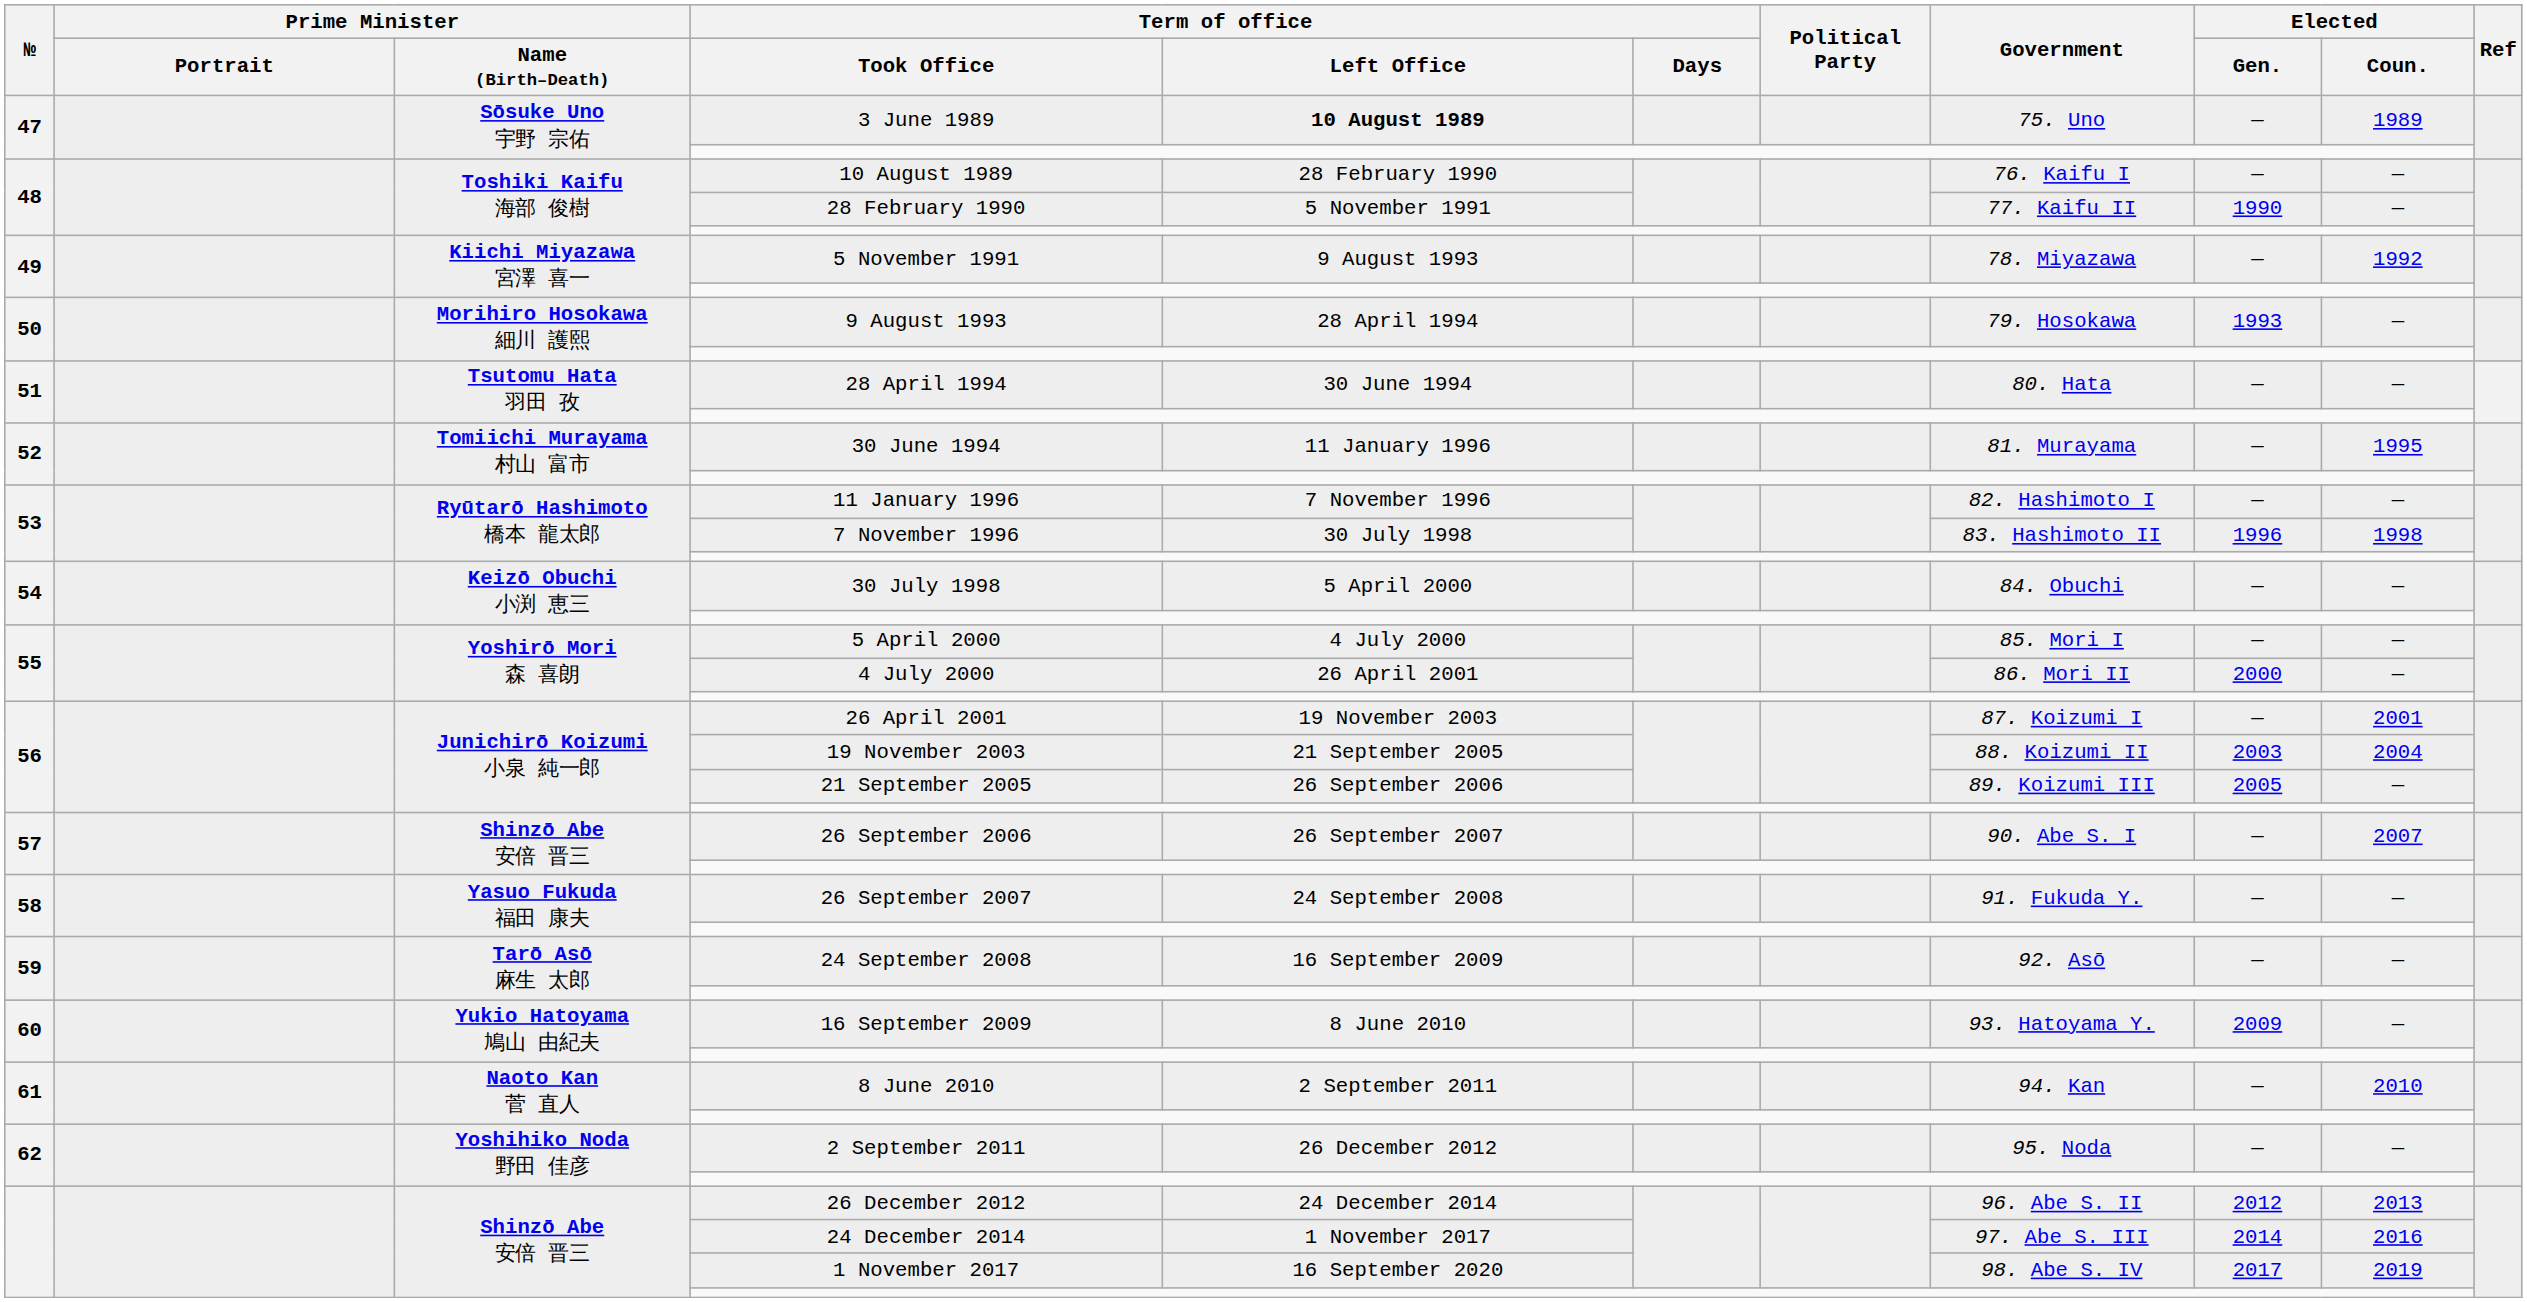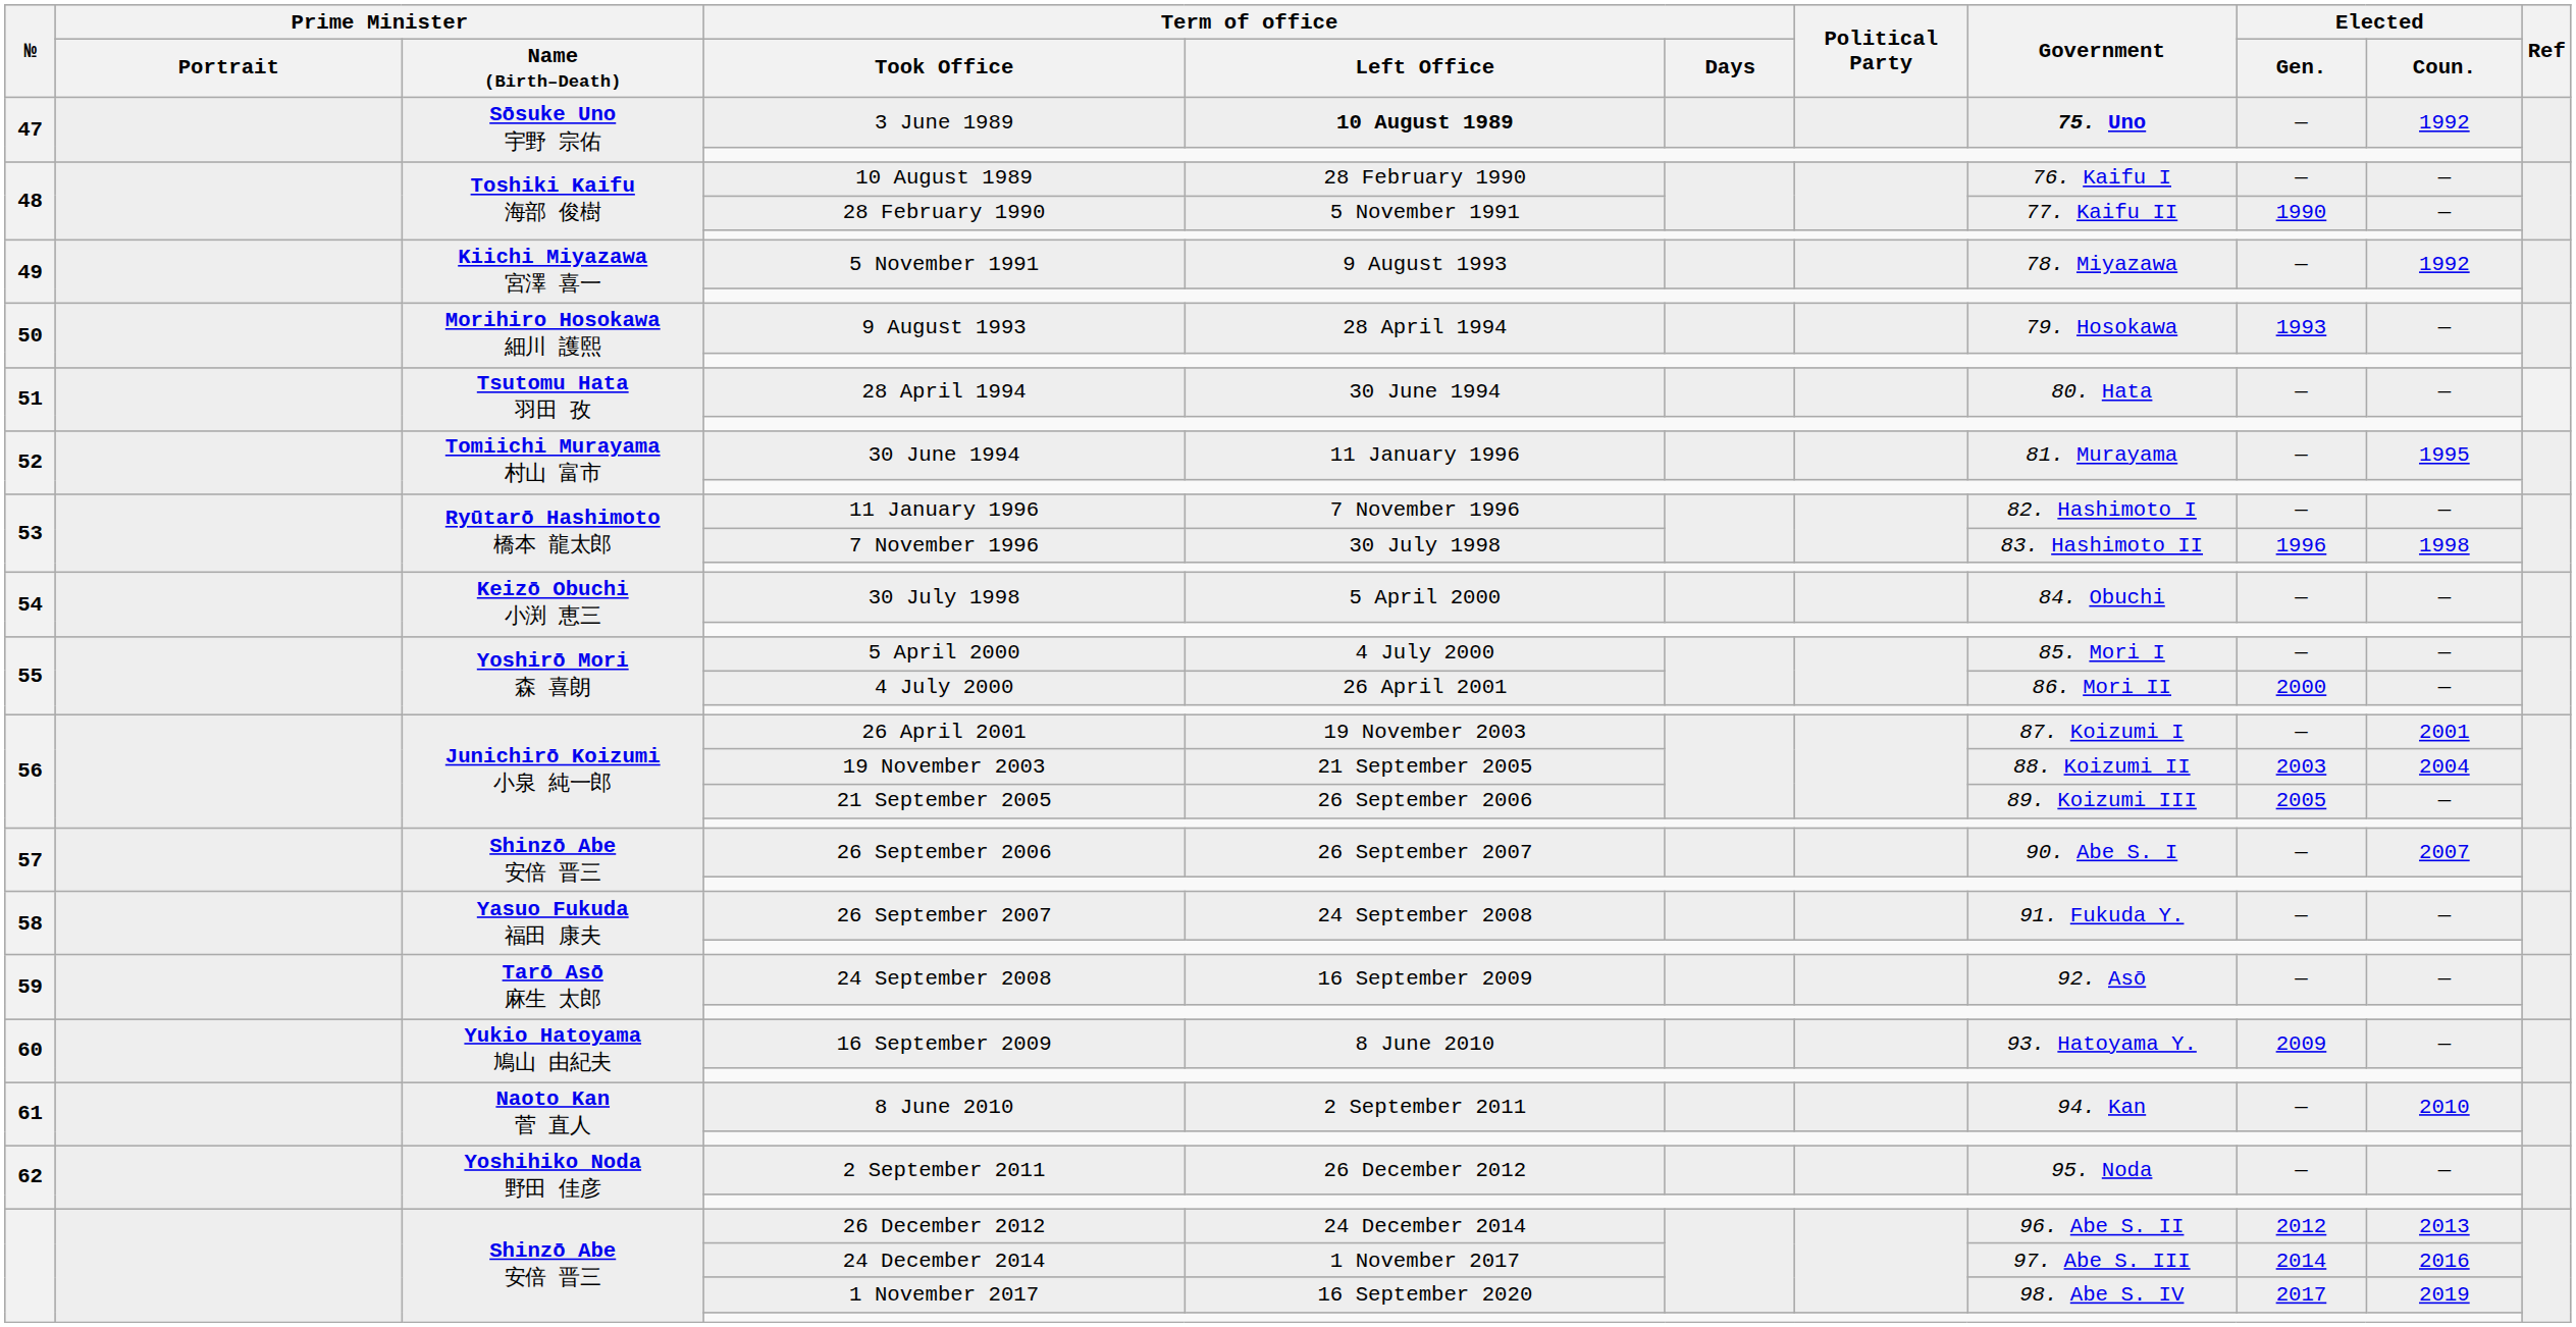 <table class="wikitable"  style="text-align:center"  width="100%">
 <tr>
 <th rowspan=2 style="width:25px;">№</th>
 <th colspan=2 style="width:280px;">Prime Minister</th>
 <th colspan=3>Term of office</th>
 <th style="width:100px;" rowspan="2">Political Party</th>
 <th style="width:160px;" rowspan="2">Government</th>
 <th colspan=2>Elected</th>
 <th rowspan=2 style="width:20px;">Ref</th>
 </tr>
 <tr>
 <th>Portrait</th>
 <th width=180px>Name<br><small>(Birth–Death)</small></th>
 <th>Took Office</th>
 <th>Left Office</th>
 <th>Days</th>
 <th>Gen.</th>
 <th>Coun.</th>
 </tr>
 <tr bgcolor=#EEEEEE>
 <th rowspan=2 style="background:">47</th>
 <td rowspan=2></td>
 <td rowspan=2><strong><a href='#'>Sōsuke Uno</a></strong><br><span><span>宇野 宗佑</span></span><br></td>
 <td>3 June 1989</td>
 <td><strong>10 August 1989</strong></td>
 <td></td>
 <td style="background:"><a href='#'></a></td>
-<td><em>75.</em> <a href='#'>Uno</a><br></td>
+<td><strong><em>75.</em> <a href='#'>Uno</a><br></strong></td>
 <td>—</td>
-<td><a href='#'>1989</a></td>
+<td><a href='#'>1992</a></td>
 <td rowspan=2></td>
 </tr>
 <tr>
 <td colspan=7 align=left></td>
 </tr>
 <tr bgcolor=#EEEEEE>
 <th rowspan=3 style="background:">48</th>
 <td rowspan=3></td>
 <td rowspan=3><strong><a href='#'>Toshiki Kaifu</a></strong><br><span><span>海部 俊樹</span></span><br></td>
 <td>10 August 1989</td>
 <td>28 February 1990</td>
 <td rowspan=2></td>
 <td rowspan=2 style="background:"><a href='#'></a></td>
 <td><em>76.</em> <a href='#'>Kaifu I</a><br></td>
 <td>—</td>
 <td>—</td>
 <td rowspan=3></td>
 </tr>
 <tr bgcolor=#EEEEEE>
 <td>28 February 1990</td>
 <td>5 November 1991</td>
 <td><em>77.</em> <a href='#'>Kaifu II</a><br></td>
 <td><a href='#'>1990</a></td>
 <td>—</td>
 </tr>
 <tr>
 <td colspan=7 align=left></td>
 </tr>
 <tr bgcolor=#EEEEEE>
 <th rowspan=2 style="background:">49</th>
 <td rowspan=2></td>
 <td rowspan=2><strong><a href='#'>Kiichi Miyazawa</a></strong><br><span><span>宮澤 喜一</span></span><br></td>
 <td>5 November 1991</td>
 <td>9 August 1993</td>
 <td></td>
 <td style="background:"><a href='#'></a></td>
 <td><em>78.</em> <a href='#'>Miyazawa</a><br></td>
 <td>—</td>
 <td><a href='#'>1992</a></td>
 <td rowspan=2></td>
 </tr>
 <tr>
 <td colspan=7 align=left></td>
 </tr>
 <tr bgcolor=#EEEEEE>
 <th rowspan=2 style="background:">50</th>
 <td rowspan=2></td>
 <td rowspan=2><strong><a href='#'>Morihiro Hosokawa</a></strong><br><span><span>細川 護熙</span></span><br></td>
 <td>9 August 1993</td>
 <td>28 April 1994</td>
 <td></td>
 <td style="background:"><a href='#'></a></td>
 <td><em>79.</em> <a href='#'>Hosokawa</a><br></td>
 <td><a href='#'>1993</a></td>
 <td>—</td>
 <td rowspan=2></td>
 </tr>
 <tr>
 <td colspan=7 align=left></td>
 </tr>
 <tr bgcolor=#EEEEEE>
 <th rowspan=2 style="background:">51</th>
 <td rowspan=2></td>
 <td rowspan=2><strong><a href='#'>Tsutomu Hata</a></strong><br><span><span>羽田 孜</span></span><br></td>
 <td>28 April 1994</td>
 <td>30 June 1994</td>
 <td></td>
 <td style="background:"><a href='#'></a></td>
 <td><em>80.</em> <a href='#'>Hata</a><br></td>
 <td>—</td>
 <td>—</td>
 <th rowspan=2></th>
 </tr>
 <tr>
 <td colspan=7 align=left></td>
 </tr>
 <tr bgcolor=#EEEEEE>
 <th rowspan=2 style="background:">52</th>
 <td rowspan=2></td>
 <td rowspan=2><strong><a href='#'>Tomiichi Murayama</a></strong><br><span><span>村山 富市</span></span><br></td>
 <td>30 June 1994</td>
 <td>11 January 1996</td>
 <td></td>
 <td style="background:"><a href='#'></a></td>
 <td><em>81.</em> <a href='#'>Murayama</a><br></td>
 <td>—</td>
 <td><a href='#'>1995</a></td>
 <td rowspan=2></td>
 </tr>
 <tr>
 <td colspan=7 align=left></td>
 </tr>
 <tr bgcolor=#EEEEEE>
 <th rowspan=3 style="background:">53</th>
 <td rowspan=3></td>
 <td rowspan=3><strong><a href='#'>Ryūtarō Hashimoto</a></strong><br><span><span>橋本 龍太郎</span></span><br></td>
 <td>11 January 1996</td>
 <td>7 November 1996</td>
 <td rowspan=2></td>
 <td rowspan=2 style="background:"><a href='#'></a></td>
 <td><em>82.</em> <a href='#'>Hashimoto I</a><br></td>
 <td>—</td>
 <td>—</td>
 <td rowspan=3></td>
 </tr>
 <tr bgcolor=#EEEEEE>
 <td>7 November 1996</td>
 <td>30 July 1998</td>
 <td><em>83.</em> <a href='#'>Hashimoto II</a><br></td>
 <td><a href='#'>1996</a></td>
 <td><a href='#'>1998</a></td>
 </tr>
 <tr>
 <td colspan=7 align=left></td>
 </tr>
 <tr bgcolor=#EEEEEE>
 <th rowspan=2 style="background:">54</th>
 <td rowspan=2></td>
 <td rowspan=2><strong><a href='#'>Keizō Obuchi</a></strong><br><span><span>小渕 恵三</span></span><br></td>
 <td>30 July 1998</td>
 <td>5 April 2000</td>
 <td></td>
 <td style="background:"><a href='#'></a></td>
 <td><em>84.</em> <a href='#'>Obuchi</a><br></td>
 <td>—</td>
 <td>—</td>
 <td rowspan=2></td>
 </tr>
 <tr>
 <td colspan=7 align=left></td>
 </tr>
 <tr bgcolor=#EEEEEE>
 <th rowspan=3 style="background:">55</th>
 <td rowspan=3></td>
 <td rowspan=3><strong><a href='#'>Yoshirō Mori</a></strong><br><span><span>森 喜朗</span><br></span></td>
 <td>5 April 2000</td>
 <td>4 July 2000</td>
 <td rowspan=2></td>
 <td rowspan=2 style="background:"><a href='#'></a></td>
 <td><em>85.</em> <a href='#'>Mori I</a><br></td>
 <td>—</td>
 <td>—</td>
 <td rowspan=3></td>
 </tr>
 <tr bgcolor=#EEEEEE>
 <td>4 July 2000</td>
 <td>26 April 2001</td>
 <td><em>86.</em> <a href='#'>Mori II</a><br></td>
 <td><a href='#'>2000</a></td>
 <td>—</td>
 </tr>
 <tr>
 <td colspan=7 align=left></td>
 </tr>
 <tr bgcolor=#EEEEEE>
 <th rowspan=4 style="background:">56</th>
 <td rowspan=4></td>
 <td rowspan=4><strong><a href='#'>Junichirō Koizumi</a></strong><br><span><span>小泉 純一郎</span></span><br></td>
 <td>26 April 2001</td>
 <td>19 November 2003</td>
 <td rowspan=3></td>
 <td rowspan=3 style="background:"><a href='#'></a></td>
 <td><em>87.</em> <a href='#'>Koizumi I</a><br></td>
 <td>—</td>
 <td><a href='#'>2001</a></td>
 <td rowspan=4></td>
 </tr>
 <tr bgcolor=#EEEEEE>
 <td>19 November 2003</td>
 <td>21 September 2005</td>
 <td><em>88.</em> <a href='#'>Koizumi II</a><br></td>
 <td><a href='#'>2003</a></td>
 <td><a href='#'>2004</a></td>
 </tr>
 <tr bgcolor=#EEEEEE>
 <td>21 September 2005</td>
 <td>26 September 2006</td>
 <td><em>89.</em> <a href='#'>Koizumi III</a><br></td>
 <td><a href='#'>2005</a></td>
 <td>—</td>
 </tr>
 <tr>
 <td colspan=7 align=left></td>
 </tr>
 <tr bgcolor=#EEEEEE>
 <th rowspan=2 style="background:">57</th>
 <td rowspan=2></td>
 <td rowspan=2><strong><a href='#'>Shinzō Abe</a></strong><br><span><span>安倍 晋三</span></span><br></td>
 <td>26 September 2006</td>
 <td>26 September 2007</td>
 <td></td>
 <td style="background:"><a href='#'></a></td>
 <td><em>90.</em> <a href='#'>Abe S. I</a><br></td>
 <td>—</td>
 <td><a href='#'>2007</a></td>
 <td rowspan=2></td>
 </tr>
 <tr>
 <td colspan=7 align=left></td>
 </tr>
 <tr bgcolor=#EEEEEE>
 <th rowspan=2 style="background:">58</th>
 <td rowspan=2></td>
 <td rowspan=2><strong><a href='#'>Yasuo Fukuda</a></strong><br><span><span>福田 康夫</span></span><br></td>
 <td>26 September 2007</td>
 <td>24 September 2008</td>
 <td></td>
 <td style="background:"><a href='#'></a></td>
 <td><em>91.</em> <a href='#'>Fukuda Y.</a><br></td>
 <td>—</td>
 <td>—</td>
 <td rowspan=2></td>
 </tr>
 <tr>
 <td colspan=7 align=left></td>
 </tr>
 <tr bgcolor=#EEEEEE>
 <th rowspan=2 style="background:">59</th>
 <td rowspan=2></td>
 <td rowspan=2><strong><a href='#'>Tarō Asō</a></strong><br><span><span>麻生 太郎</span></span><br></td>
 <td>24 September 2008</td>
 <td>16 September 2009</td>
 <td></td>
 <td style="background:"><a href='#'></a></td>
 <td><em>92.</em> <a href='#'>Asō</a><br></td>
 <td>—</td>
 <td>—</td>
 <td rowspan=2></td>
 </tr>
 <tr>
 <td colspan=7 align=left></td>
 </tr>
 <tr bgcolor=#EEEEEE>
 <th rowspan=2 style="background:">60</th>
 <td rowspan=2></td>
 <td rowspan=2><strong><a href='#'>Yukio Hatoyama</a></strong><br><span><span>鳩山 由紀夫</span></span><br></td>
 <td>16 September 2009</td>
 <td>8 June 2010</td>
 <td></td>
 <td style="background:"><a href='#'></a></td>
 <td><em>93.</em> <a href='#'>Hatoyama Y.</a><br></td>
 <td><a href='#'>2009</a></td>
 <td>—</td>
 <td rowspan=2></td>
 </tr>
 <tr>
 <td colspan=7 align=left></td>
 </tr>
 <tr bgcolor=#EEEEEE>
 <th rowspan=2 style="background:">61</th>
 <td rowspan=2></td>
 <td rowspan=2><strong><a href='#'>Naoto Kan</a></strong><br><span><span>菅 直人</span></span><br></td>
 <td>8 June 2010</td>
 <td>2 September 2011</td>
 <td></td>
 <td style="background:"><a href='#'></a></td>
 <td><em>94.</em> <a href='#'>Kan</a><br></td>
 <td>—</td>
 <td><a href='#'>2010</a></td>
 <td rowspan=2></td>
 </tr>
 <tr>
 <td colspan=7 align=left></td>
 </tr>
 <tr bgcolor=#EEEEEE>
 <th rowspan=2 style="background:">62</th>
 <td rowspan=2></td>
 <td rowspan=2><strong><a href='#'>Yoshihiko Noda</a></strong><br><span><span>野田 佳彦</span></span><br></td>
 <td>2 September 2011</td>
 <td>26 December 2012</td>
 <td></td>
 <td style="background:"><a href='#'></a></td>
 <td><em>95.</em> <a href='#'>Noda</a><br></td>
 <td>—</td>
 <td>—</td>
 <td rowspan=2></td>
 </tr>
 <tr>
 <td colspan=7 align=left></td>
 </tr>
 <tr bgcolor=#EEEEEE>
 <th rowspan=4 style="background:"></th>
 <td rowspan=4></td>
 <td rowspan=4><strong><a href='#'>Shinzō Abe</a></strong><br><span><span>安倍 晋三</span></span><br></td>
 <td>26 December 2012</td>
 <td>24 December 2014</td>
 <td rowspan=3></td>
 <td rowspan=3 style="background:"><a href='#'></a></td>
 <td><em>96.</em> <a href='#'>Abe S. II</a><br></td>
 <td><a href='#'>2012</a></td>
 <td><a href='#'>2013</a></td>
 <td rowspan=4></td>
 </tr>
 <tr bgcolor=#EEEEEE>
 <td>24 December 2014</td>
 <td>1 November 2017</td>
 <td><em>97.</em> <a href='#'>Abe S. III</a><br></td>
 <td><a href='#'>2014</a></td>
 <td><a href='#'>2016</a></td>
 </tr>
 <tr bgcolor=#EEEEEE>
 <td>1 November 2017</td>
 <td>16 September 2020</td>
 <td><em>98.</em> <a href='#'>Abe S. IV</a><br></td>
 <td><a href='#'>2017</a></td>
 <td><a href='#'>2019</a></td>
 </tr>
 <tr>
 <td colspan=7 align=left></td>
 </tr>
 </table>
